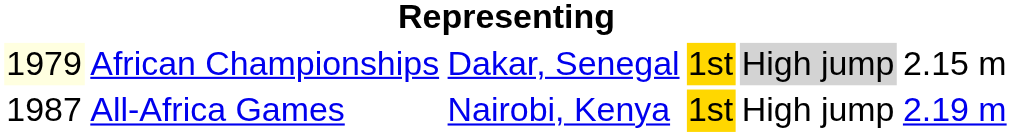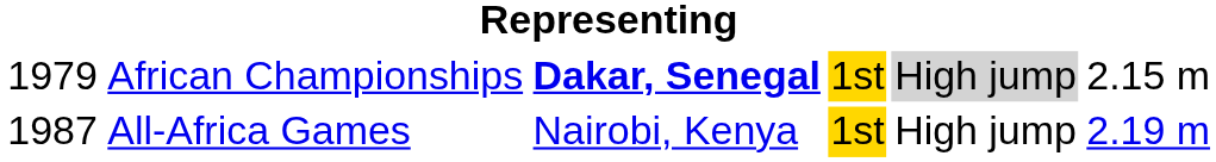 <table>
 <tr>
 <th colspan="6">Representing </th>
 </tr>
 <tr>
-<td style="background: lightyellow;">1979</td>
+<td>1979</td>
 <td><a href='#'>African Championships</a></td>
-<td><a href='#'>Dakar, Senegal</a></td>
+<td><strong><a href='#'>Dakar, Senegal</a></strong></td>
 <td bgcolor="gold">1st</td>
 <td style="background: lightgrey;">High jump</td>
 <td>2.15 m</td>
 </tr>
 <tr>
 <td>1987</td>
 <td><a href='#'>All-Africa Games</a></td>
 <td><a href='#'>Nairobi, Kenya</a></td>
 <td bgcolor=gold>1st</td>
 <td>High jump</td>
 <td><a href='#'>2.19 m</a></td>
 </tr>
 </table>
